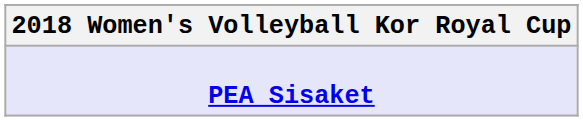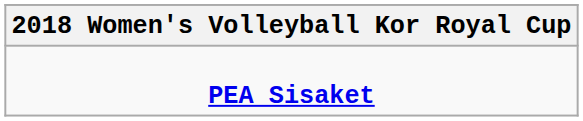 <table class=wikitable style="text-align:center; margin:auto">
 <tr>
 <th>2018 Women's Volleyball Kor Royal Cup</th>
 </tr>
 <tr>
-<td style="background: lavender;"><br><strong><a href='#'>PEA Sisaket</a></strong></td>
+<td><br><strong><a href='#'>PEA Sisaket</a></strong></td>
 </tr>
 </table>
